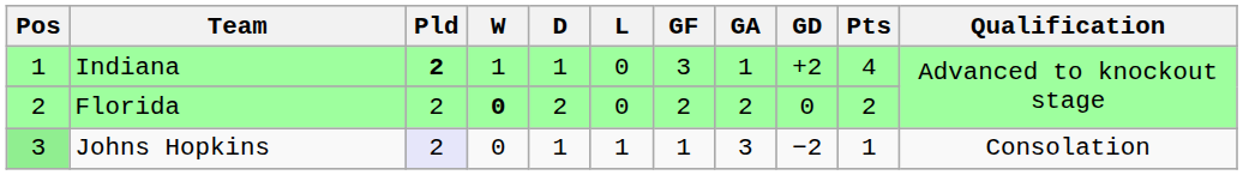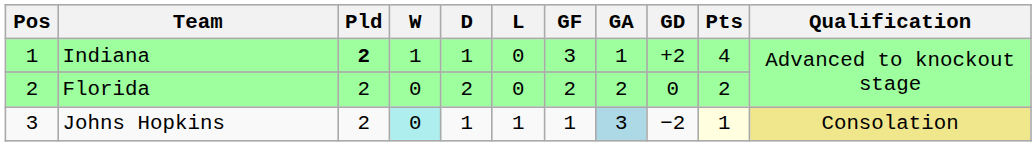 <table class="wikitable" style="text-align:center; margin: 1em auto">
 <tr>
 <th style="width:2em">Pos</th>
 <th style="width:13em">Team</th>
 <th style="width:2em">Pld</th>
 <th style="width:2em">W</th>
 <th style="width:2em">D</th>
 <th style="width:2em">L</th>
 <th style="width:2em">GF</th>
 <th style="width:2em">GA</th>
 <th style="width:2em">GD</th>
 <th style="width:2em">Pts</th>
 <th style="width:13em">Qualification</th>
 </tr>
 <tr bgcolor="#9eff9e">
 <td>1</td>
 <td style="text-align:left">Indiana</td>
 <td><strong>2</strong></td>
 <td>1</td>
 <td>1</td>
 <td>0</td>
 <td>3</td>
 <td>1</td>
 <td>+2</td>
 <td>4</td>
 <td rowspan="2">Advanced to knockout stage</td>
 </tr>
 <tr bgcolor="#9eff9e">
 <td>2</td>
 <td style="text-align:left">Florida</td>
 <td>2</td>
-<td><strong>0</strong></td>
+<td>0</td>
 <td>2</td>
 <td>0</td>
 <td>2</td>
 <td>2</td>
 <td>0</td>
 <td>2</td>
 </tr>
 <tr>
-<td style="background: lightgreen;">3</td>
+<td>3</td>
 <td style="text-align:left">Johns Hopkins</td>
-<td style="background: lavender;">2</td>
-<td>0</td>
+<td>2</td>
+<td style="background: paleturquoise;">0</td>
 <td>1</td>
 <td>1</td>
 <td>1</td>
-<td>3</td>
+<td style="background: lightblue;">3</td>
 <td>−2</td>
-<td>1</td>
-<td>Consolation</td>
+<td style="background: lightyellow;">1</td>
+<td style="background: khaki;">Consolation</td>
 </tr>
 </table>
